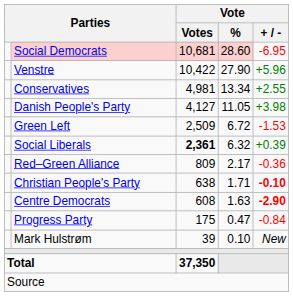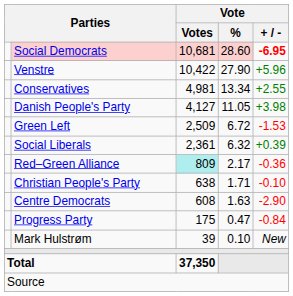 <table class="wikitable" style="text-align:right;">
 <tr>
 <th style="text-align:centre;" rowspan="2" colspan="2" width="225">Parties</th>
 <th colspan="3">Vote</th>
 </tr>
 <tr>
 <th width="15">Votes</th>
 <th width="15">%</th>
 <th width="15">+ / -</th>
 </tr>
 <tr>
 <td width="2" style="color:inherit;background:"></td>
 <td bgcolor=#fbd0ce  align="left"><a href='#'>Social Democrats</a></td>
 <td bgcolor=#fbd0ce>10,681</td>
 <td bgcolor=#fbd0ce>28.60</td>
-<td style=color:red;>-6.95</td>
+<td style=color:red;><strong>-6.95</strong></td>
 </tr>
 <tr>
 <td width="2" style="color:inherit;background:"></td>
 <td align="left"><a href='#'>Venstre</a></td>
 <td>10,422</td>
 <td>27.90</td>
 <td style=color:green;>+5.96</td>
 </tr>
 <tr>
 <td width="2" style="color:inherit;background:"></td>
 <td align="left"><a href='#'>Conservatives</a></td>
 <td>4,981</td>
 <td>13.34</td>
 <td style=color:green;>+2.55</td>
 </tr>
 <tr>
 <td width="2" style="color:inherit;background:"></td>
 <td align="left"><a href='#'>Danish People's Party</a></td>
 <td>4,127</td>
 <td>11.05</td>
 <td style=color:green;>+3.98</td>
 </tr>
 <tr>
 <td width="2" style="color:inherit;background:"></td>
 <td align="left"><a href='#'>Green Left</a></td>
 <td>2,509</td>
 <td>6.72</td>
 <td style=color:red;>-1.53</td>
 </tr>
 <tr>
 <td width="2" style="color:inherit;background:"></td>
 <td align="left"><a href='#'>Social Liberals</a></td>
-<td><strong>2,361</strong></td>
+<td>2,361</td>
 <td>6.32</td>
 <td style=color:green;>+0.39</td>
 </tr>
 <tr>
 <td width="2" style="color:inherit;background:"></td>
 <td align="left"><a href='#'>Red–Green Alliance</a></td>
-<td>809</td>
+<td style="background: paleturquoise;">809</td>
 <td>2.17</td>
 <td style=color:red;>-0.36</td>
 </tr>
 <tr>
 <td width="2" style="color:inherit;background:"></td>
 <td align="left"><a href='#'>Christian People's Party</a></td>
 <td>638</td>
 <td>1.71</td>
-<td style=color:red;><strong>-0.10</strong></td>
+<td style=color:red;>-0.10</td>
 </tr>
 <tr>
 <td width="2" style="color:inherit;background:"></td>
 <td align="left"><a href='#'>Centre Democrats</a></td>
 <td>608</td>
 <td>1.63</td>
-<td style=color:red;><strong>-2.90</strong></td>
+<td style=color:red;>-2.90</td>
 </tr>
 <tr>
 <td width="2" style="color:inherit;background:"></td>
 <td align="left"><a href='#'>Progress Party</a></td>
 <td>175</td>
 <td>0.47</td>
 <td style=color:red;>-0.84</td>
 </tr>
 <tr>
 <td width="2" style="color:inherit;background:"></td>
 <td align="left">Mark Hulstrøm</td>
 <td>39</td>
 <td>0.10</td>
 <td><em>New</em></td>
 </tr>
 <tr>
 <td colspan="7" bgcolor="#E9E9E9"></td>
 </tr>
 <tr>
 <td align="left" colspan="2"><strong>Total</strong></td>
 <td><strong>37,350</strong></td>
 <td bgcolor="#E9E9E9" colspan="2"></td>
 </tr>
 <tr>
 <td align="left" colspan="6">Source</td>
 </tr>
 </table>
